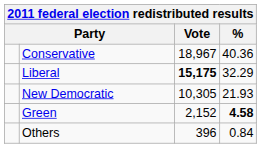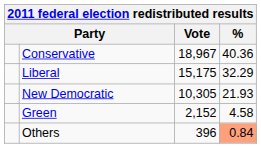 <table class="wikitable">
 <tr>
 <th colspan="4"><a href='#'>2011 federal election</a> redistributed results</th>
 </tr>
 <tr>
 <th bgcolor="#DDDDFF" width="130px" colspan="2">Party</th>
 <th bgcolor="#DDDDFF" width="50px">Vote</th>
 <th bgcolor="#DDDDFF" width="30px">%</th>
 </tr>
 <tr>
 <td> </td>
 <td><a href='#'>Conservative</a></td>
 <td align=right>18,967</td>
 <td align=right>40.36</td>
 </tr>
 <tr>
 <td> </td>
 <td><a href='#'>Liberal</a></td>
-<td align=right><strong>15,175</strong></td>
+<td align=right>15,175</td>
 <td align=right>32.29</td>
 </tr>
 <tr>
 <td> </td>
 <td><a href='#'>New Democratic</a></td>
 <td align=right>10,305</td>
 <td align=right>21.93</td>
 </tr>
 <tr>
 <td> </td>
 <td><a href='#'>Green</a></td>
 <td align=right>2,152</td>
-<td align=right><strong>4.58</strong></td>
+<td align=right>4.58</td>
 </tr>
 <tr>
 <td> </td>
 <td>Others</td>
 <td align=right>396</td>
-<td align=right>0.84</td>
+<td align=right style="background: lightsalmon;">0.84</td>
 </tr>
 </table>
